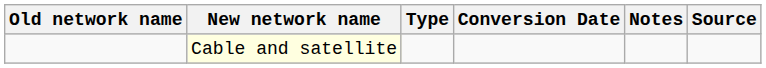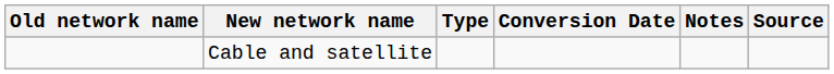 <table class="wikitable">
 <tr>
 <th>Old network name</th>
 <th>New network name</th>
 <th>Type</th>
 <th>Conversion Date</th>
 <th>Notes</th>
 <th>Source</th>
 </tr>
 <tr>
 <td><a href='#'></a></td>
-<td style="background: lightyellow;">Cable and satellite</td>
+<td>Cable and satellite</td>
 <td></td>
 <td></td>
 <td></td>
 </tr>
 </table>
